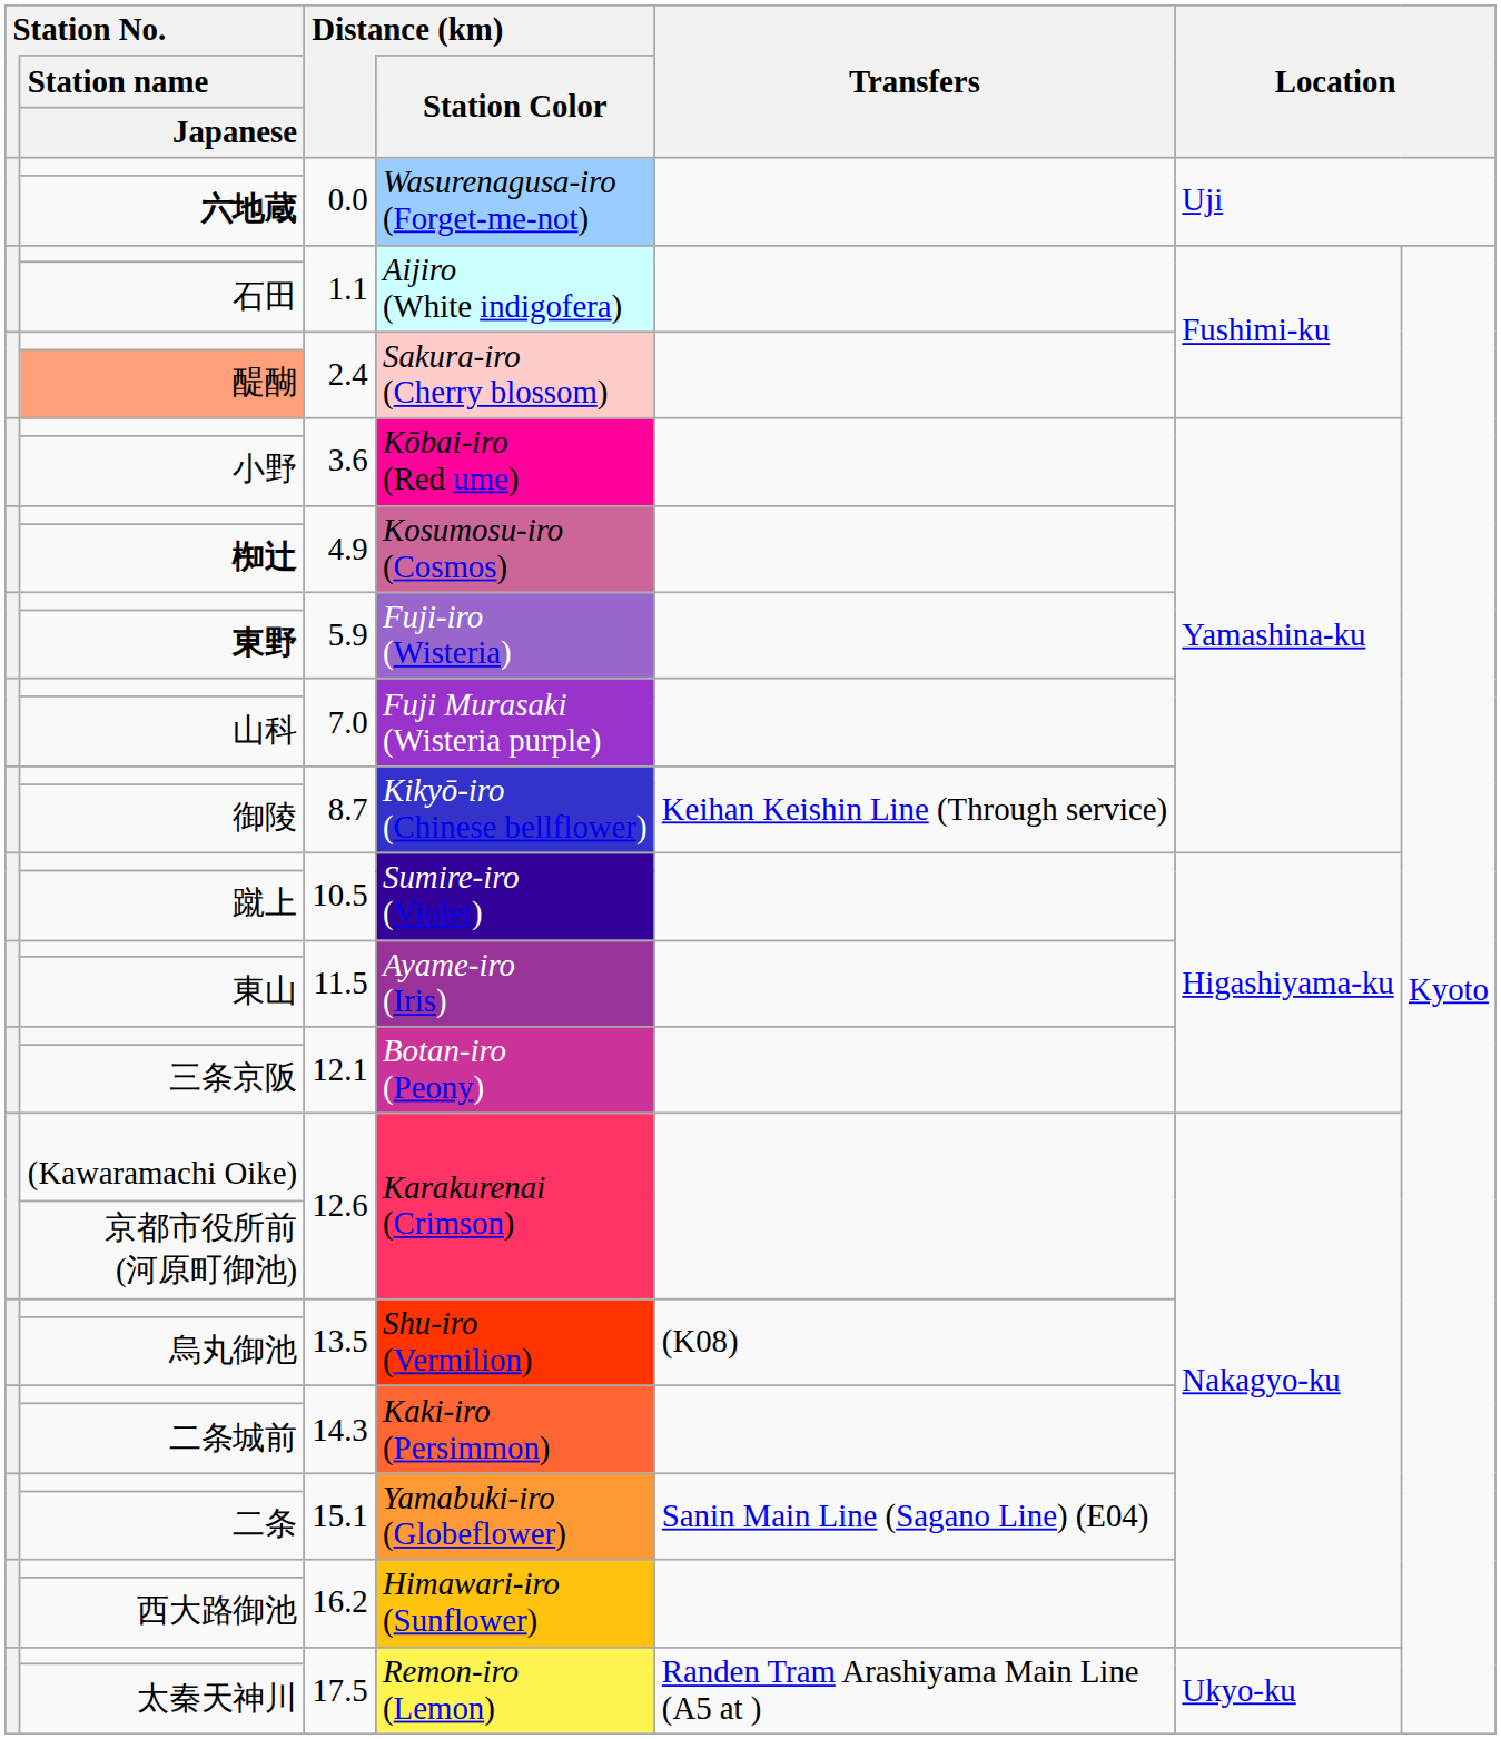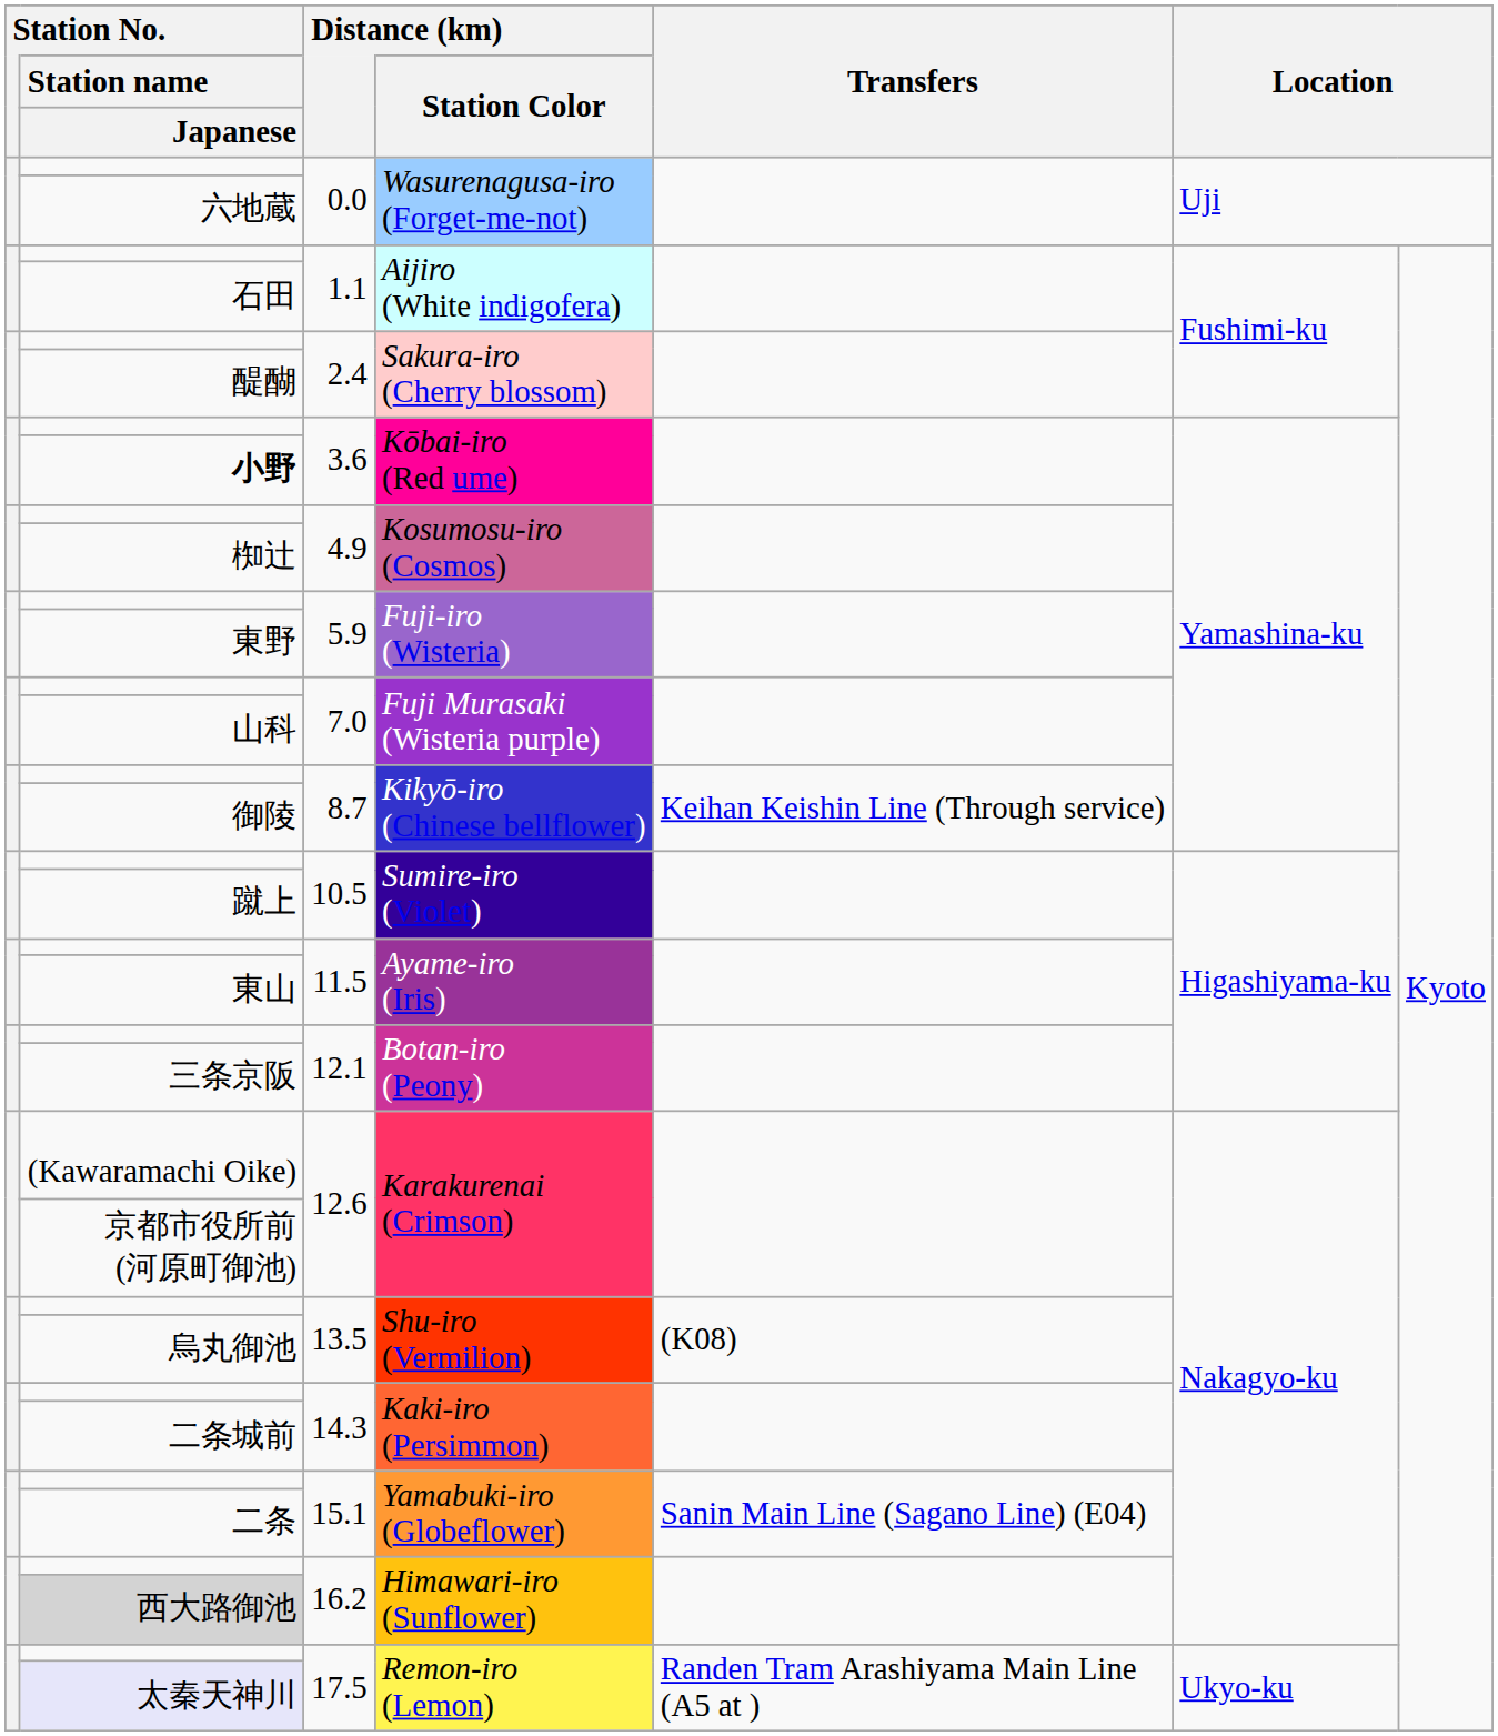 <table class="wikitable">
 <tr>
 <th colspan="2" style="border-bottom:none;text-align:left;">Station No.</th>
 <th colspan="2" style="border-bottom:none;text-align:left;">Distance (km)</th>
 <th rowspan="3">Transfers</th>
 <th colspan="2" rowspan="3">Location</th>
 </tr>
 <tr>
 <th rowspan="2" style="border-top:none;"></th>
 <th style="text-align:left;">Station name</th>
 <th rowspan="2" style="border-top:none;"></th>
 <th rowspan="2">Station Color</th>
 </tr>
 <tr>
 <th style="text-align:right;">Japanese</th>
 </tr>
 <tr>
 <th rowspan="2"></th>
 <td></td>
 <td rowspan="2" align="right">0.0</td>
 <td rowspan="2" style="background:#99CCFF;"><em>Wasurenagusa-iro</em><br>(<a href='#'>Forget-me-not</a>)</td>
 <td rowspan="2"></td>
 <td rowspan="2"colspan="2"><a href='#'>Uji</a></td>
 </tr>
 <tr>
-<td style="text-align:right;"><strong>六地蔵</strong></td>
+<td style="text-align:right;">六地蔵</td>
 </tr>
 <tr>
 <th rowspan="2"></th>
 <td></td>
 <td rowspan="2" align="right">1.1</td>
 <td rowspan="2" style="background:#CCFFFF;"><em>Aijiro</em> <br>(White <a href='#'>indigofera</a>) </td>
 <td rowspan="2"> </td>
 <td rowspan="4"><a href='#'>Fushimi-ku</a></td>
 <td rowspan="32"><a href='#'>Kyoto</a></td>
 </tr>
 <tr>
 <td style="text-align:right;">石田</td>
 </tr>
 <tr>
 <th rowspan="2"></th>
 <td></td>
 <td rowspan="2" align="right">2.4</td>
 <td rowspan="2" style="background:#FFCCCC;"><em>Sakura-iro</em><br>(<a href='#'>Cherry blossom</a>)</td>
 <td rowspan="2"> </td>
 </tr>
 <tr>
-<td style="background: lightsalmon; text-align:right;">醍醐</td>
+<td style="text-align:right;">醍醐</td>
 </tr>
 <tr>
 <th rowspan="2"></th>
 <td></td>
 <td rowspan="2" align="right">3.6</td>
 <td rowspan="2" style="background:#FF0099;"><em>Kōbai-iro</em><br>(Red <a href='#'>ume</a>)</td>
 <td rowspan="2"> </td>
 <td rowspan="10"><a href='#'>Yamashina-ku</a></td>
 </tr>
 <tr>
-<td style="text-align:right;">小野</td>
+<td style="text-align:right;"><strong>小野</strong></td>
 </tr>
 <tr>
 <th rowspan="2"></th>
 <td></td>
 <td rowspan="2" align="right">4.9</td>
 <td rowspan="2" style="background:#CC6699;"><em>Kosumosu-iro</em><br>(<a href='#'>Cosmos</a>)</td>
 <td rowspan="2"> </td>
 </tr>
 <tr>
-<td style="text-align:right;"><strong>椥辻</strong></td>
+<td style="text-align:right;">椥辻</td>
 </tr>
 <tr>
 <th rowspan="2"></th>
 <td></td>
 <td rowspan="2" align="right">5.9</td>
 <td rowspan="2" style="color:#ffffff;background:#9966CC;"><em>Fuji-iro</em><br>(<a href='#'><span>Wisteria</span></a>)</td>
 <td rowspan="2"> </td>
 </tr>
 <tr>
-<td style="text-align:right;"><strong>東野</strong></td>
+<td style="text-align:right;">東野</td>
 </tr>
 <tr>
 <th rowspan="2"></th>
 <td></td>
 <td rowspan="2" align="right">7.0</td>
 <td rowspan="2" style="color:#ffffff;background:#9933CC;"><em>Fuji Murasaki</em><br>(Wisteria purple)</td>
 <td rowspan="2"></td>
 </tr>
 <tr>
 <td style="text-align:right;">山科</td>
 </tr>
 <tr>
 <th rowspan="2"></th>
 <td></td>
 <td rowspan="2" align="right">8.7</td>
 <td rowspan="2" style="color:#ffffff;background:#3333CC;"><em>Kikyō-iro</em><br>(<a href='#'><span>Chinese bellflower</span></a>)</td>
 <td rowspan="2"> <a href='#'>Keihan Keishin Line</a> (Through service)</td>
 </tr>
 <tr>
 <td style="text-align:right;">御陵</td>
 </tr>
 <tr>
 <th rowspan="2"></th>
 <td></td>
 <td rowspan="2" align="right">10.5</td>
 <td rowspan="2" style="color:#ffffff;background:#330099;"><em>Sumire-iro</em><br>(<a href='#'><span>Violet</span></a>)</td>
 <td rowspan="2"> </td>
 <td rowspan="6"><a href='#'>Higashiyama-ku</a></td>
 </tr>
 <tr>
 <td style="text-align:right;">蹴上</td>
 </tr>
 <tr>
 <th rowspan="2"></th>
 <td></td>
 <td rowspan="2" align="right">11.5</td>
 <td rowspan="2" style="color:#ffffff;background:#993399;"><em>Ayame-iro</em><br>(<a href='#'><span>Iris</span></a>)</td>
 <td rowspan="2"> </td>
 </tr>
 <tr>
 <td style="text-align:right;">東山</td>
 </tr>
 <tr>
 <th rowspan="2"></th>
 <td></td>
 <td rowspan="2" align="right">12.1</td>
 <td rowspan="2" style="color:#ffffff;background:#CC3399;"><em>Botan-iro</em><br>(<a href='#'><span>Peony</span></a>)</td>
 <td rowspan="2"></td>
 </tr>
 <tr>
 <td style="text-align:right;">三条京阪</td>
 </tr>
 <tr>
 <th rowspan="2"></th>
 <td><br> (Kawaramachi Oike)</td>
 <td rowspan="2" align="right">12.6</td>
 <td rowspan="2" style="background:#FF3366;"><em>Karakurenai</em><br>(<a href='#'>Crimson</a>)</td>
 <td rowspan="2"> </td>
 <td rowspan="10"><a href='#'>Nakagyo-ku</a></td>
 </tr>
 <tr>
 <td style="text-align:right;">京都市役所前<br> (河原町御池)</td>
 </tr>
 <tr>
 <th rowspan="2"></th>
 <td></td>
 <td rowspan="2" align="right">13.5</td>
 <td rowspan="2" style="background:#FF3300;"><em>Shu-iro</em><br>(<a href='#'>Vermilion</a>)</td>
 <td rowspan="2"> (K08)</td>
 </tr>
 <tr>
 <td style="text-align:right;">烏丸御池</td>
 </tr>
 <tr>
 <th rowspan="2"></th>
 <td></td>
 <td rowspan="2" align="right">14.3</td>
 <td rowspan="2" style="background:#FF6633;"><em>Kaki-iro</em><br>(<a href='#'>Persimmon</a>)</td>
 <td rowspan="2"> </td>
 </tr>
 <tr>
 <td style="text-align:right;">二条城前</td>
 </tr>
 <tr>
 <th rowspan="2"></th>
 <td></td>
 <td rowspan="2" align="right">15.1</td>
 <td rowspan="2" style="background:#FF9933;"><em>Yamabuki-iro</em><br>(<a href='#'>Globeflower</a>)</td>
 <td rowspan="2"> <a href='#'>Sanin Main Line</a> (<a href='#'>Sagano Line</a>) (E04)</td>
 </tr>
 <tr>
 <td style="text-align:right;">二条</td>
 </tr>
 <tr>
 <th rowspan="2"></th>
 <td></td>
 <td rowspan="2" align="right">16.2</td>
 <td rowspan="2" style="background:#FFC20E;"><em>Himawari-iro</em><br>(<a href='#'>Sunflower</a>)</td>
 <td rowspan="2"> </td>
 </tr>
 <tr>
-<td style="text-align:right;">西大路御池</td>
+<td style="background: lightgrey; text-align:right;">西大路御池</td>
 </tr>
 <tr>
 <th rowspan="2"></th>
 <td></td>
 <td rowspan="2" align="right">17.5</td>
 <td rowspan="2" style="background:#FFF450;"><em>Remon-iro</em><br>(<a href='#'>Lemon</a>)</td>
 <td rowspan="2"> <a href='#'>Randen Tram</a> Arashiyama Main Line<br> (A5 at )</td>
 <td rowspan="2"><a href='#'>Ukyo-ku</a></td>
 </tr>
 <tr>
-<td style="text-align:right;">太秦天神川</td>
+<td style="background: lavender; text-align:right;">太秦天神川</td>
 </tr>
 </table>
